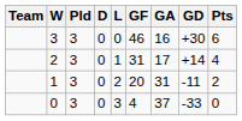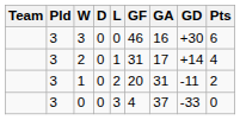 <table class="wikitable">
 <tr>
 <th>Team</th>
+<th>Pld</th>
 <th>W</th>
-<th>Pld</th>
 <th>D</th>
 <th>L</th>
 <th>GF</th>
 <th>GA</th>
 <th>GD</th>
 <th>Pts</th>
 </tr>
 <tr>
 <td></td>
 <td>3</td>
 <td>3</td>
 <td>0</td>
 <td>0</td>
 <td>46</td>
 <td>16</td>
 <td>+30</td>
 <td>6</td>
 </tr>
 <tr>
 <td></td>
+<td>3</td>
 <td>2</td>
-<td>3</td>
 <td>0</td>
 <td>1</td>
 <td>31</td>
 <td>17</td>
 <td>+14</td>
 <td>4</td>
 </tr>
 <tr>
 <td></td>
+<td>3</td>
 <td>1</td>
-<td>3</td>
 <td>0</td>
 <td>2</td>
 <td>20</td>
 <td>31</td>
 <td>-11</td>
 <td>2</td>
 </tr>
 <tr>
 <td></td>
+<td>3</td>
 <td>0</td>
-<td>3</td>
 <td>0</td>
 <td>3</td>
 <td>4</td>
 <td>37</td>
 <td>-33</td>
 <td>0</td>
 </tr>
 </table>
